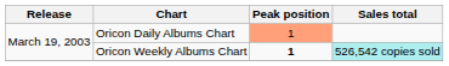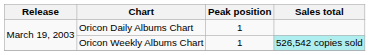 <table class="wikitable">
 <tr>
 <th>Release</th>
 <th>Chart</th>
 <th>Peak position</th>
 <th>Sales total</th>
 </tr>
 <tr>
 <td rowspan="2">March 19, 2003</td>
 <td>Oricon Daily Albums Chart</td>
-<td align="center" style="background: lightsalmon;">1</td>
+<td align="center">1</td>
 <td></td>
 </tr>
 <tr>
 <td>Oricon Weekly Albums Chart</td>
-<td align="center"><strong>1</strong></td>
+<td align="center">1</td>
 <td style="background: paleturquoise;">526,542 copies sold</td>
 </tr>
 <tr>
 </tr>
 </table>
